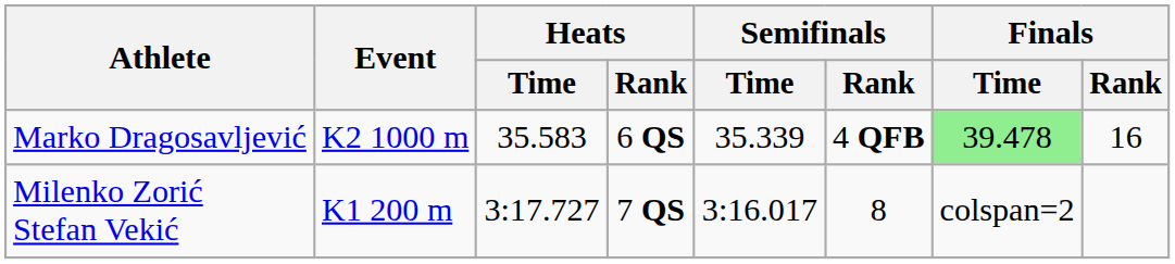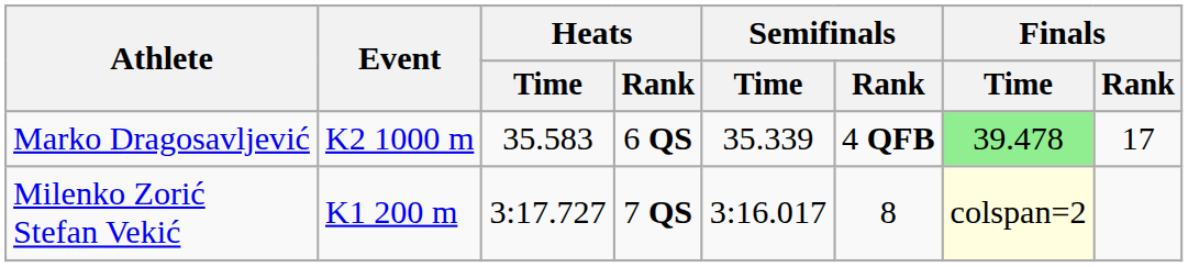 <table class="wikitable" style="font-size:90%">
 <tr>
 <th rowspan="2">Athlete</th>
 <th rowspan="2">Event</th>
 <th colspan=2>Heats</th>
 <th colspan=2>Semifinals</th>
 <th colspan=2>Finals</th>
 </tr>
 <tr style="font-size:95%">
 <th>Time</th>
 <th>Rank</th>
 <th>Time</th>
 <th>Rank</th>
 <th>Time</th>
 <th>Rank</th>
 </tr>
 <tr align=center>
 <td align=left><a href='#'>Marko Dragosavljević</a></td>
 <td align=left><a href='#'>K2 1000 m</a></td>
 <td>35.583</td>
 <td>6 <strong>QS</strong></td>
 <td>35.339</td>
 <td>4 <strong>QFB</strong></td>
 <td style="background: lightgreen;">39.478</td>
-<td>16</td>
+<td>17</td>
 </tr>
 <tr align=center>
 <td align=left><a href='#'>Milenko Zorić</a><br><a href='#'>Stefan Vekić</a></td>
 <td align=left><a href='#'>K1 200 m</a></td>
 <td>3:17.727</td>
 <td>7 <strong>QS</strong></td>
 <td>3:16.017</td>
 <td>8</td>
-<td>colspan=2 </td>
+<td style="background: lightyellow;">colspan=2 </td>
 </tr>
 </table>
